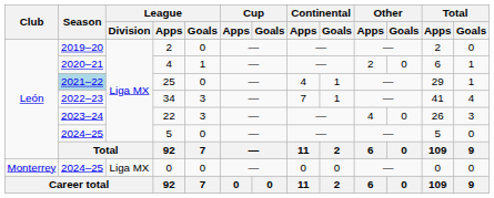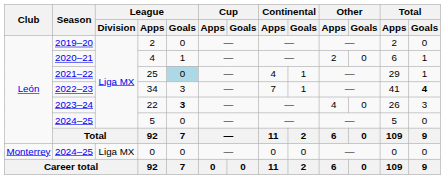 <table class="wikitable" style="text-align: center">
 <tr>
 <th rowspan="2">Club</th>
 <th rowspan="2">Season</th>
 <th colspan="3">League</th>
 <th colspan="2">Cup</th>
 <th colspan="2">Continental</th>
 <th colspan="2">Other</th>
 <th colspan="2">Total</th>
 </tr>
 <tr>
 <th>Division</th>
 <th>Apps</th>
 <th>Goals</th>
 <th>Apps</th>
 <th>Goals</th>
 <th>Apps</th>
 <th>Goals</th>
 <th>Apps</th>
 <th>Goals</th>
 <th>Apps</th>
 <th>Goals</th>
 </tr>
 <tr>
 <td rowspan="7"><a href='#'>León</a></td>
 <td><a href='#'>2019–20</a></td>
 <td rowspan="6"><a href='#'>Liga MX</a></td>
 <td>2</td>
 <td>0</td>
 <td colspan="2">—</td>
 <td colspan="2">—</td>
 <td colspan="2">—</td>
 <td>2</td>
 <td>0</td>
 </tr>
 <tr>
 <td><a href='#'>2020–21</a></td>
 <td>4</td>
 <td>1</td>
 <td colspan="2">—</td>
 <td colspan="2">—</td>
 <td>2</td>
 <td>0</td>
 <td>6</td>
 <td>1</td>
 </tr>
 <tr>
-<td style="background: lightblue;"><a href='#'>2021–22</a></td>
+<td><a href='#'>2021–22</a></td>
 <td>25</td>
-<td>0</td>
+<td style="background: lightblue;">0</td>
 <td colspan="2">—</td>
 <td>4</td>
 <td>1</td>
 <td colspan="2">—</td>
 <td>29</td>
 <td>1</td>
 </tr>
 <tr>
 <td><a href='#'>2022–23</a></td>
 <td>34</td>
 <td>3</td>
 <td colspan="2">—</td>
 <td>7</td>
 <td>1</td>
 <td colspan="2">—</td>
 <td>41</td>
-<td>4</td>
+<td><strong>4</strong></td>
 </tr>
 <tr>
 <td><a href='#'>2023–24</a></td>
 <td>22</td>
-<td>3</td>
+<td><strong>3</strong></td>
 <td colspan="2">—</td>
 <td colspan="2">—</td>
 <td>4</td>
 <td>0</td>
 <td>26</td>
 <td>3</td>
 </tr>
 <tr>
 <td><a href='#'>2024–25</a></td>
 <td>5</td>
 <td>0</td>
 <td colspan="2">—</td>
 <td colspan="2">—</td>
 <td colspan="2">—</td>
 <td>5</td>
 <td>0</td>
 </tr>
 <tr>
 <th colspan="2"><strong>Total</strong></th>
 <th>92</th>
 <th>7</th>
 <th colspan="2">—</th>
 <th>11</th>
 <th>2</th>
 <th>6</th>
 <th>0</th>
 <th>109</th>
 <th>9</th>
 </tr>
 <tr>
 <td rowspan="1"><a href='#'>Monterrey</a></td>
 <td><a href='#'>2024–25</a></td>
 <td rowspan="1">Liga MX</td>
 <td>0</td>
 <td>0</td>
 <td colspan="2">—</td>
 <td>0</td>
 <td>0</td>
 <td colspan="2">—</td>
 <td>0</td>
 <td>0</td>
 </tr>
 <tr>
 <th colspan="3"><strong>Career total</strong></th>
 <th>92</th>
 <th>7</th>
 <th>0</th>
 <th>0</th>
 <th>11</th>
 <th>2</th>
 <th>6</th>
 <th>0</th>
 <th>109</th>
 <th>9</th>
 </tr>
 </table>
